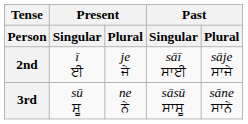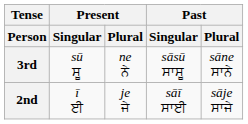 <table class="wikitable" style="text-align:center">
 <tr>
 <th>Tense</th>
 <th colspan=2>Present</th>
 <th colspan=2>Past</th>
 </tr>
 <tr>
 <th>Person</th>
 <th>Singular</th>
 <th>Plural</th>
 <th>Singular</th>
 <th>Plural</th>
 </tr>
 <tr>
+<th>3rd</th>
+<td><em>sū</em><br>ਸੂ<br> </td>
+<td><em>ne</em><br>ਨੇ<br> </td>
+<td><em>sāsū</em><br>ਸਾਸੂ<br> </td>
+<td><em>sāne</em><br>ਸਾਨੇ<br> </td>
+</tr>
+<tr>
 <th>2nd</th>
 <td><em>ī</em><br>ਈ<br> </td>
 <td><em>je</em><br>ਜੇ<br> </td>
 <td><em>sāī</em><br>ਸਾਈ<br> </td>
 <td><em>sāje</em><br>ਸਾਜੇ<br> </td>
 </tr>
-<tr>
-<th>3rd</th>
-<td><em>sū</em><br>ਸੂ<br> </td>
-<td><em>ne</em><br>ਨੇ<br> </td>
-<td><em>sāsū</em><br>ਸਾਸੂ<br> </td>
-<td><em>sāne</em><br>ਸਾਨੇ<br> </td>
-</tr>
 </table>
